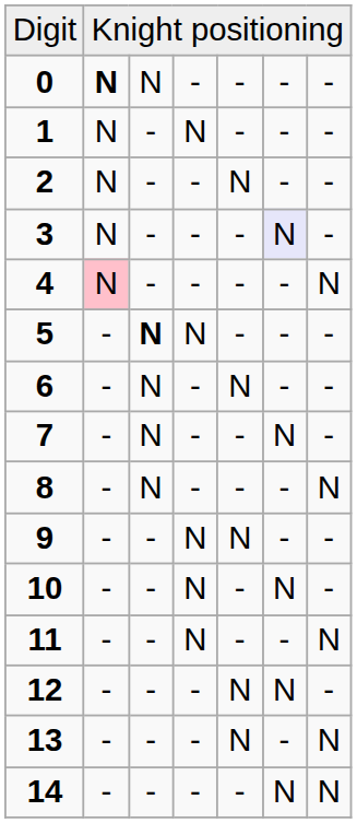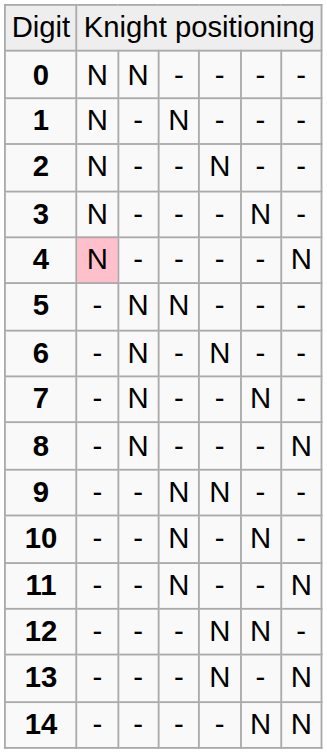 <table class=wikitable cellpadding="4" cellspacing="0">
 <tr style="background:#eeeeee;" align="center">
 <td>Digit</td>
 <td colspan="6">Knight positioning</td>
 </tr>
 <tr align="center">
 <td><strong>0</strong></td>
-<td><strong>N</strong></td>
+<td>N</td>
 <td>N</td>
 <td>-</td>
 <td>-</td>
 <td>-</td>
 <td>-</td>
 </tr>
 <tr align="center">
 <td><strong>1</strong></td>
 <td>N</td>
 <td>-</td>
 <td>N</td>
 <td>-</td>
 <td>-</td>
 <td>-</td>
 </tr>
 <tr align="center">
 <td><strong>2</strong></td>
 <td>N</td>
 <td>-</td>
 <td>-</td>
 <td>N</td>
 <td>-</td>
 <td>-</td>
 </tr>
 <tr align="center">
 <td><strong>3</strong></td>
 <td>N</td>
 <td>-</td>
 <td>-</td>
 <td>-</td>
-<td style="background: lavender;">N</td>
+<td>N</td>
 <td>-</td>
 </tr>
 <tr align="center">
 <td><strong>4</strong></td>
 <td style="background: pink;">N</td>
 <td>-</td>
 <td>-</td>
 <td>-</td>
 <td>-</td>
 <td>N</td>
 </tr>
 <tr align="center">
 <td><strong>5</strong></td>
 <td>-</td>
-<td><strong>N</strong></td>
+<td>N</td>
 <td>N</td>
 <td>-</td>
 <td>-</td>
 <td>-</td>
 </tr>
 <tr align="center">
 <td><strong>6</strong></td>
 <td>-</td>
 <td>N</td>
 <td>-</td>
 <td>N</td>
 <td>-</td>
 <td>-</td>
 </tr>
 <tr align="center">
 <td><strong>7</strong></td>
 <td>-</td>
 <td>N</td>
 <td>-</td>
 <td>-</td>
 <td>N</td>
 <td>-</td>
 </tr>
 <tr align="center">
 <td><strong>8</strong></td>
 <td>-</td>
 <td>N</td>
 <td>-</td>
 <td>-</td>
 <td>-</td>
 <td>N</td>
 </tr>
 <tr align="center">
 <td><strong>9</strong></td>
 <td>-</td>
 <td>-</td>
 <td>N</td>
 <td>N</td>
 <td>-</td>
 <td>-</td>
 </tr>
 <tr align="center">
 <td><strong>10</strong></td>
 <td>-</td>
 <td>-</td>
 <td>N</td>
 <td>-</td>
 <td>N</td>
 <td>-</td>
 </tr>
 <tr align="center">
 <td><strong>11</strong></td>
 <td>-</td>
 <td>-</td>
 <td>N</td>
 <td>-</td>
 <td>-</td>
 <td>N</td>
 </tr>
 <tr align="center">
 <td><strong>12</strong></td>
 <td>-</td>
 <td>-</td>
 <td>-</td>
 <td>N</td>
 <td>N</td>
 <td>-</td>
 </tr>
 <tr align="center">
 <td><strong>13</strong></td>
 <td>-</td>
 <td>-</td>
 <td>-</td>
 <td>N</td>
 <td>-</td>
 <td>N</td>
 </tr>
 <tr align="center">
 <td><strong>14</strong></td>
 <td>-</td>
 <td>-</td>
 <td>-</td>
 <td>-</td>
 <td>N</td>
 <td>N</td>
 </tr>
 </table>
